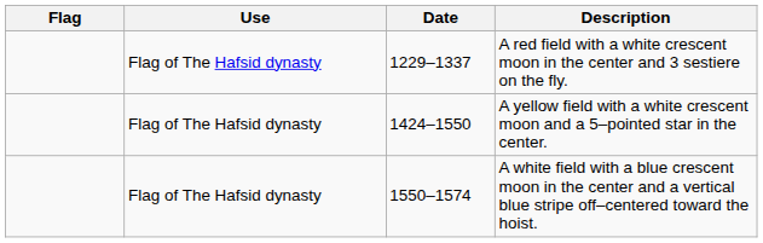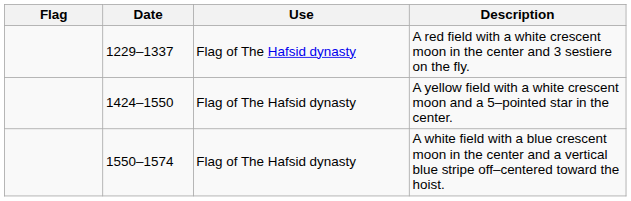 <table class="wikitable">
 <tr>
 <th style="width:110px;">Flag</th>
+<th style="width:100px;">Date</th>
 <th style="width:250px;">Use</th>
-<th style="width:100px;">Date</th>
 <th style="width:250px;">Description</th>
 </tr>
 <tr>
 <td></td>
+<td>1229–1337</td>
 <td>Flag of The <a href='#'>Hafsid dynasty</a></td>
-<td>1229–1337</td>
 <td>A red field with a white crescent moon in the center and 3 sestiere on the fly.</td>
 </tr>
 <tr>
 <td></td>
+<td>1424–1550</td>
 <td>Flag of The Hafsid dynasty</td>
-<td>1424–1550</td>
 <td>A yellow field with a white crescent moon and a 5–pointed star in the center.</td>
 </tr>
 <tr>
 <td></td>
+<td>1550–1574</td>
 <td>Flag of The Hafsid dynasty</td>
-<td>1550–1574</td>
 <td>A white field with a blue crescent moon in the center and a vertical blue stripe off–centered toward the hoist.</td>
 </tr>
 </table>
